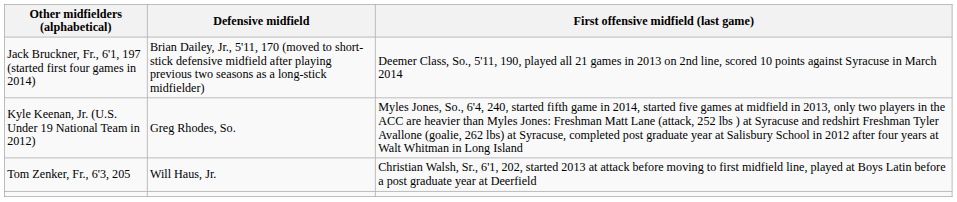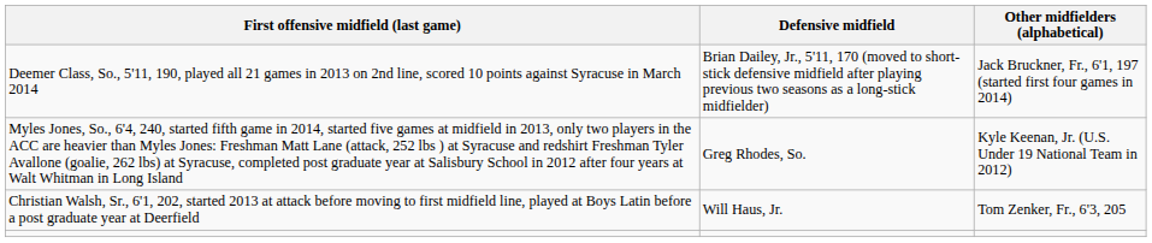 <table class="wikitable">
 <tr ;>
+<th>First offensive midfield (last game)</th>
+<th>Defensive midfield</th>
 <th>Other midfielders (alphabetical)</th>
-<th>Defensive midfield</th>
-<th>First offensive midfield (last game)</th>
 </tr>
 <tr>
+<td>Deemer Class, So., 5'11, 190, played all 21 games in 2013 on 2nd line, scored 10 points against Syracuse in March 2014</td>
+<td>Brian Dailey, Jr., 5'11, 170 (moved to short-stick defensive midfield after playing previous two seasons as a long-stick midfielder)</td>
 <td>Jack Bruckner, Fr., 6'1, 197 (started first four games in 2014)</td>
-<td>Brian Dailey, Jr., 5'11, 170 (moved to short-stick defensive midfield after playing previous two seasons as a long-stick midfielder)</td>
-<td>Deemer Class, So., 5'11, 190, played all 21 games in 2013 on 2nd line, scored 10 points against Syracuse in March 2014</td>
 </tr>
 <tr>
+<td>Myles Jones, So., 6'4, 240, started fifth game in 2014, started five games at midfield in 2013, only two players in the ACC are heavier than Myles Jones: Freshman Matt Lane (attack, 252 lbs ) at Syracuse and redshirt Freshman Tyler Avallone (goalie, 262 lbs) at Syracuse, completed post graduate year at Salisbury School in 2012 after four years at Walt Whitman in Long Island</td>
+<td>Greg Rhodes, So.</td>
 <td>Kyle Keenan, Jr. (U.S. Under 19 National Team in 2012)</td>
-<td>Greg Rhodes, So.</td>
-<td>Myles Jones, So., 6'4, 240, started fifth game in 2014, started five games at midfield in 2013, only two players in the ACC are heavier than Myles Jones: Freshman Matt Lane (attack, 252 lbs ) at Syracuse and redshirt Freshman Tyler Avallone (goalie, 262 lbs) at Syracuse, completed post graduate year at Salisbury School in 2012 after four years at Walt Whitman in Long Island</td>
 </tr>
 <tr>
+<td>Christian Walsh, Sr., 6'1, 202, started 2013 at attack before moving to first midfield line, played at Boys Latin before a post graduate year at Deerfield</td>
+<td>Will Haus, Jr.</td>
 <td>Tom Zenker, Fr., 6'3, 205</td>
-<td>Will Haus, Jr.</td>
-<td>Christian Walsh, Sr., 6'1, 202, started 2013 at attack before moving to first midfield line, played at Boys Latin before a post graduate year at Deerfield</td>
 </tr>
 <tr>
 <td></td>
 <td></td>
 <td></td>
 </tr>
 </table>
